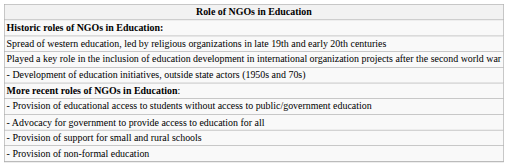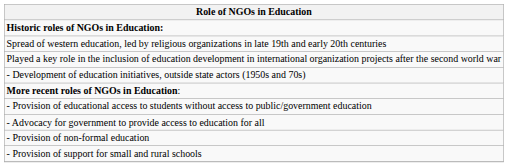 <table class="wikitable">
 <tr>
 <th>Role of NGOs in Education</th>
 </tr>
 <tr>
 <td><strong>Historic roles of NGOs in Education:</strong></td>
 </tr>
 <tr>
 <td>Spread of western education, led by religious organizations in late 19th and early 20th centuries</td>
 </tr>
 <tr>
 <td>Played a key role in the inclusion of education development in international organization projects after the second world war</td>
 </tr>
 <tr>
 <td>- Development of education initiatives, outside state actors (1950s and 70s)</td>
 </tr>
 <tr>
 <td><strong>More recent roles of NGOs in Education</strong>:</td>
 </tr>
 <tr>
 <td>- Provision of educational access to students without access to public/government education</td>
 </tr>
 <tr>
 <td>- Advocacy for government to provide access to education for all</td>
 </tr>
 <tr>
-<td>- Provision of support for small and rural schools</td>
+<td>- Provision of non-formal education</td>
 </tr>
 <tr>
-<td>- Provision of non-formal education</td>
+<td>- Provision of support for small and rural schools</td>
 </tr>
 <tr>
 </tr>
 </table>
